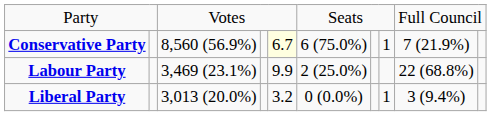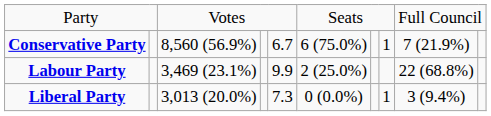 <table class=wikitable style="text-align:center;">
 <tr>
 <td colspan=2>Party</td>
 <td colspan=3>Votes</td>
 <td colspan=3>Seats</td>
 <td colspan=3>Full Council</td>
 </tr>
 <tr>
 <td><strong><a href='#'>Conservative Party</a></strong></td>
 <td style="background:"></td>
 <td>8,560 (56.9%)</td>
 <td></td>
-<td style="background: lightyellow;"> 6.7</td>
+<td> 6.7</td>
 <td>6 (75.0%)</td>
 <td></td>
 <td> 1</td>
 <td>7 (21.9%)</td>
 <td></td>
 </tr>
 <tr>
 <td><strong><a href='#'>Labour Party</a></strong></td>
 <td style="background:"></td>
 <td>3,469 (23.1%)</td>
 <td></td>
 <td> 9.9</td>
 <td>2 (25.0%)</td>
 <td></td>
 <td></td>
 <td>22 (68.8%)</td>
 <td></td>
 </tr>
 <tr>
 <td><strong><a href='#'>Liberal Party</a></strong></td>
 <td style="background:"></td>
 <td>3,013 (20.0%)</td>
 <td></td>
-<td> 3.2</td>
+<td> 7.3</td>
 <td>0 (0.0%)</td>
 <td></td>
 <td> 1</td>
 <td>3 (9.4%)</td>
 <td></td>
 </tr>
 </table>
